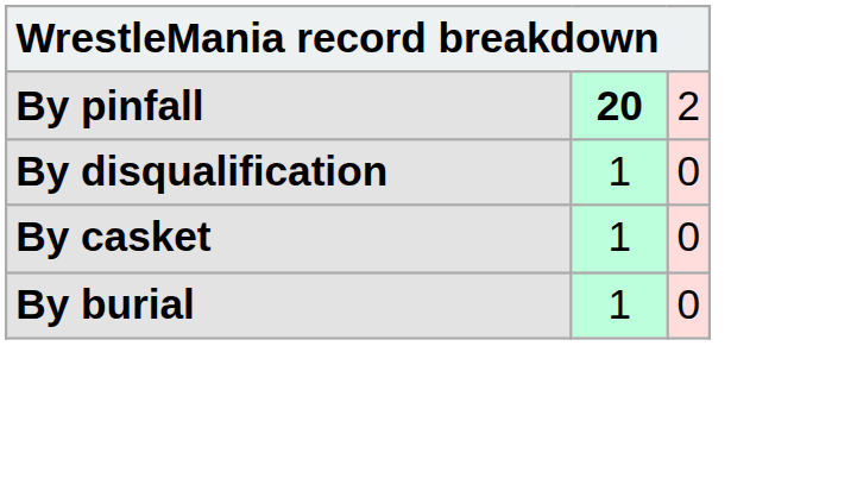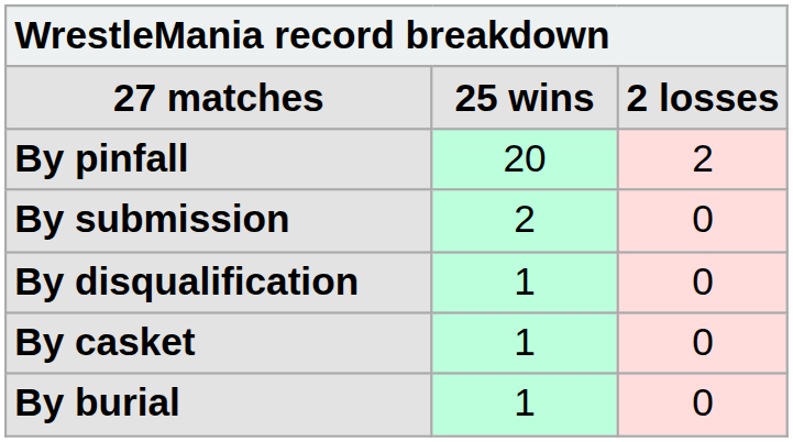 <table class="wikitable mw-collapsible">
 <tr>
 <td style="background:#edf1f1;border-style:none none none none;text-align:center;text-style:normal" colspan="2"><strong>WrestleMania record breakdown</strong></td>
 <th style="background:#edf1f1;border-style:none none none none;"></th>
 </tr>
 <tr>
+<td style="background:#e3e3e3;text-align:center"><strong>27 matches</strong></td>
+<td style="background:#e3e3e3;text-align:center"><strong>25 wins</strong></td>
+<td style="background:#e3e3e3;text-align:center"><strong>2 losses</strong></td>
+</tr>
+<tr>
 <td style="background:#e3e3e3;text-align:left"><strong>By pinfall</strong></td>
-<td style="background:#bbffdd;text-align:center"><strong>20</strong></td>
+<td style="background:#bbffdd;text-align:center">20</td>
 <td style="background:#ffdddd;text-align:center">2</td>
+</tr>
+<tr>
+<td style="background:#e3e3e3;text-align:left"><strong>By submission</strong></td>
+<td style="background:#bbffdd;text-align:center">2</td>
+<td style="background:#ffdddd;text-align:center">0</td>
 </tr>
 <tr>
 <td style="background:#e3e3e3;text-align:left"><strong>By disqualification</strong></td>
 <td style="background:#bbffdd;text-align:center">1</td>
 <td style="background:#ffdddd;text-align:center">0</td>
 </tr>
 <tr>
 <td style="background:#e3e3e3;text-align:left"><strong>By casket</strong></td>
 <td style="background:#bbffdd;text-align:center">1</td>
 <td style="background:#ffdddd;text-align:center">0</td>
 </tr>
 <tr>
 <td style="background:#e3e3e3;text-align:left"><strong>By burial</strong></td>
 <td style="background:#bbffdd;text-align:center">1</td>
 <td style="background:#ffdddd;text-align:center">0</td>
 </tr>
 </table>
